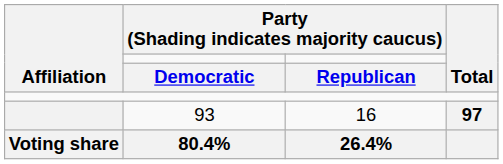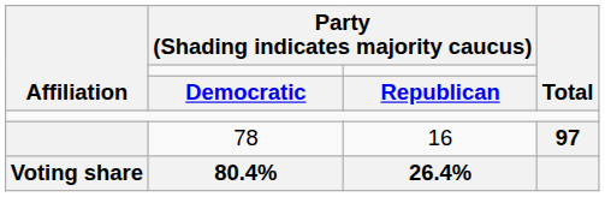 <table class=wikitable style="text-align:center">
 <tr style="vertical-align:bottom;">
 <th rowspan=3>Affiliation</th>
 <th colspan=2>Party <div>(Shading indicates majority caucus)</div></th>
 <th rowspan=3>Total</th>
 </tr>
 <tr style="height:5px">
 <td style="background-color:"></td>
 <td style="background-color:"></td>
 </tr>
 <tr>
 <th><a href='#'>Democratic</a></th>
 <th><a href='#'>Republican</a></th>
 </tr>
 <tr>
 <td colspan=5></td>
 </tr>
 <tr>
 <th nowrap style="font-size:80%"></th>
-<td>93</td>
+<td>78</td>
 <td>16</td>
 <th>97</th>
 </tr>
 <tr>
 <th>Voting share</th>
 <th>80.4%</th>
 <th>26.4%</th>
 <th colspan=2></th>
 </tr>
 </table>
